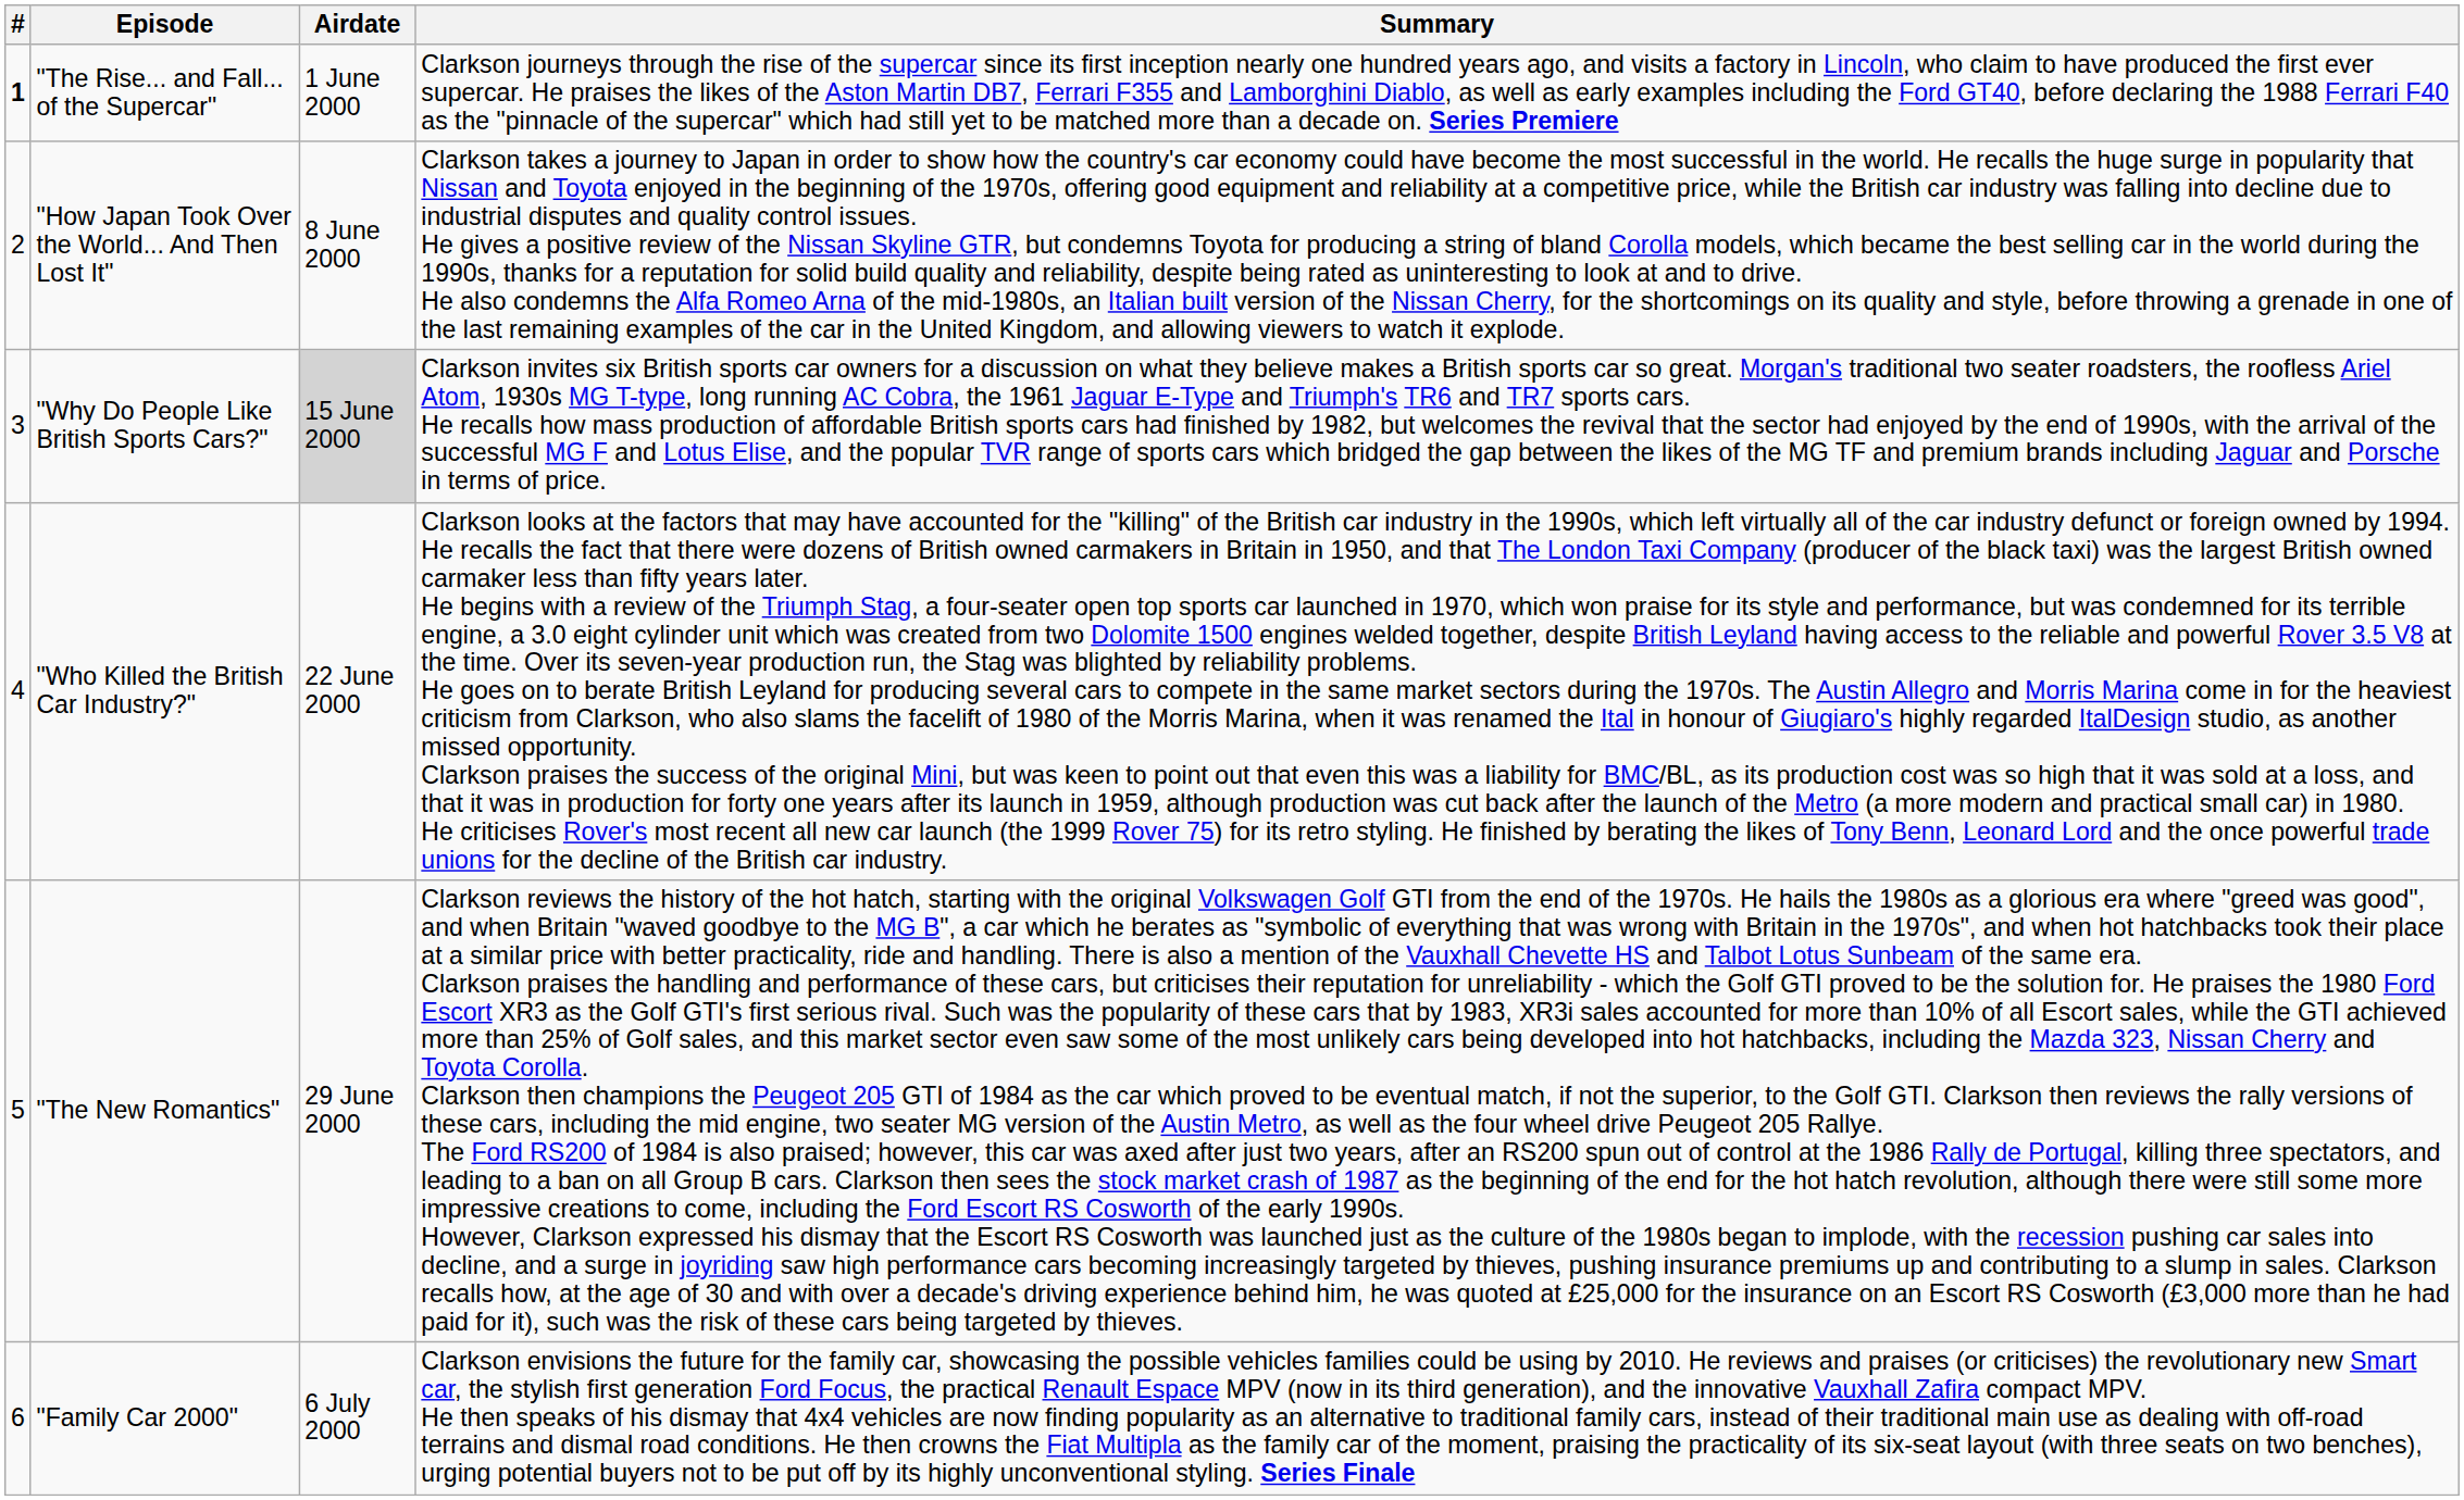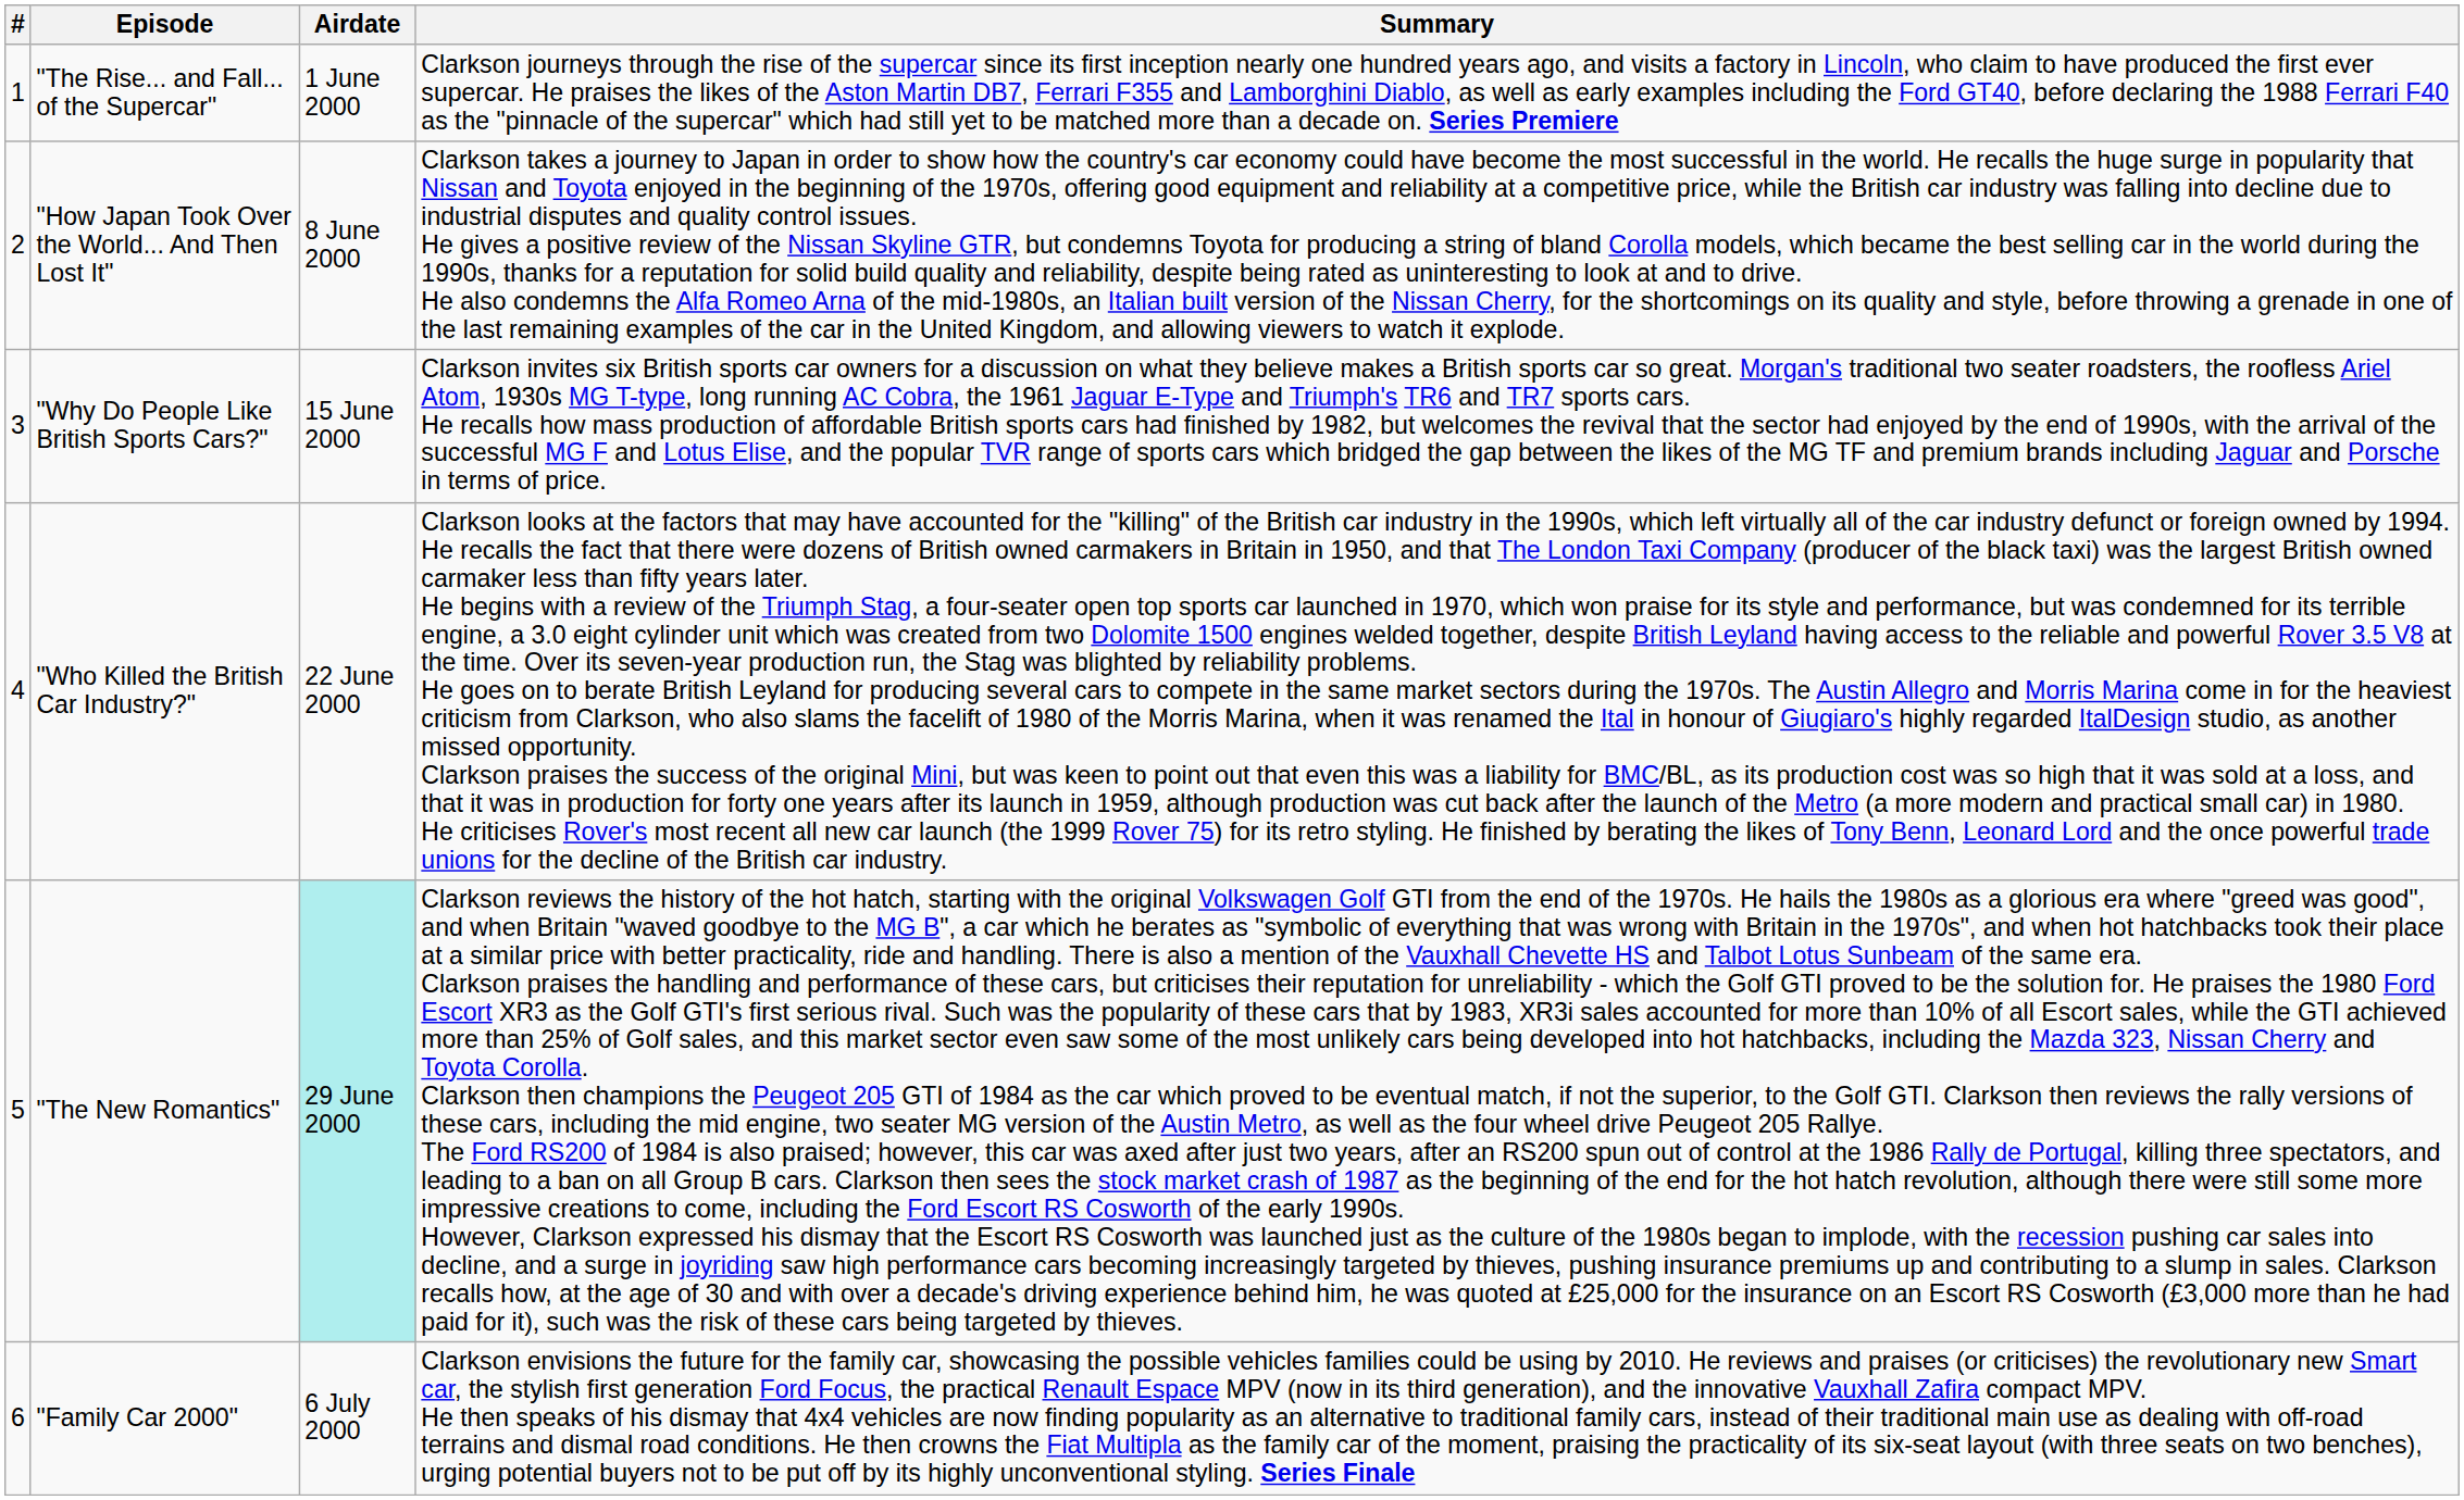 <table class="wikitable">
 <tr>
 <th>#</th>
 <th>Episode</th>
 <th>Airdate</th>
 <th>Summary</th>
 </tr>
 <tr>
-<td><strong>1</strong></td>
+<td>1</td>
 <td>"The Rise... and Fall... of the Supercar"</td>
 <td>1 June 2000</td>
 <td>Clarkson journeys through the rise of the <a href='#'>supercar</a> since its first inception nearly one hundred years ago, and visits a factory in <a href='#'>Lincoln</a>, who claim to have produced the first ever supercar. He praises the likes of the <a href='#'>Aston Martin DB7</a>, <a href='#'>Ferrari F355</a> and <a href='#'>Lamborghini Diablo</a>, as well as early examples including the <a href='#'>Ford GT40</a>, before declaring the 1988 <a href='#'>Ferrari F40</a> as the "pinnacle of the supercar" which had still yet to be matched more than a decade on. <strong><a href='#'>Series Premiere</a></strong></td>
 </tr>
 <tr>
 <td>2</td>
 <td>"How Japan Took Over the World... And Then Lost It"</td>
 <td>8 June 2000</td>
 <td>Clarkson takes a journey to Japan in order to show how the country's car economy could have become the most successful in the world. He recalls the huge surge in popularity that <a href='#'>Nissan</a> and <a href='#'>Toyota</a> enjoyed in the beginning of the 1970s, offering good equipment and reliability at a competitive price, while the British car industry was falling into decline due to industrial disputes and quality control issues.<br>He gives a positive review of the <a href='#'>Nissan Skyline GTR</a>, but condemns Toyota for producing a string of bland <a href='#'>Corolla</a> models, which became the best selling car in the world during the 1990s, thanks for a reputation for solid build quality and reliability, despite being rated as uninteresting to look at and to drive.<br>He also condemns the <a href='#'>Alfa Romeo Arna</a> of the mid-1980s, an <a href='#'>Italian built</a> version of the <a href='#'>Nissan Cherry</a>, for the shortcomings on its quality and style, before throwing a grenade in one of the last remaining examples of the car in the United Kingdom, and allowing viewers to watch it explode.</td>
 </tr>
 <tr>
 <td>3</td>
 <td>"Why Do People Like British Sports Cars?"</td>
-<td style="background: lightgrey;">15 June 2000</td>
+<td>15 June 2000</td>
 <td>Clarkson invites six British sports car owners for a discussion on what they believe makes a British sports car so great. <a href='#'>Morgan's</a> traditional two seater roadsters, the roofless <a href='#'>Ariel Atom</a>, 1930s <a href='#'>MG T-type</a>, long running <a href='#'>AC Cobra</a>, the 1961 <a href='#'>Jaguar E-Type</a> and <a href='#'>Triumph's</a> <a href='#'>TR6</a> and <a href='#'>TR7</a> sports cars.<br>He recalls how mass production of affordable British sports cars had finished by 1982, but welcomes the revival that the sector had enjoyed by the end of 1990s, with the arrival of the successful <a href='#'>MG F</a> and <a href='#'>Lotus Elise</a>, and the popular <a href='#'>TVR</a> range of sports cars which bridged the gap between the likes of the MG TF and premium brands including <a href='#'>Jaguar</a> and <a href='#'>Porsche</a> in terms of price.</td>
 </tr>
 <tr>
 <td>4</td>
 <td>"Who Killed the British Car Industry?"</td>
 <td>22 June 2000</td>
 <td>Clarkson looks at the factors that may have accounted for the "killing" of the British car industry in the 1990s, which left virtually all of the car industry defunct or foreign owned by 1994. He recalls the fact that there were dozens of British owned carmakers in Britain in 1950, and that <a href='#'>The London Taxi Company</a> (producer of the black taxi) was the largest British owned carmaker less than fifty years later.<br>He begins with a review of the <a href='#'>Triumph Stag</a>, a four-seater open top sports car launched in 1970, which won praise for its style and performance, but was condemned for its terrible engine, a 3.0 eight cylinder unit which was created from two <a href='#'>Dolomite 1500</a> engines welded together, despite <a href='#'>British Leyland</a> having access to the reliable and powerful <a href='#'>Rover 3.5 V8</a> at the time. Over its seven-year production run, the Stag was blighted by reliability problems.<br>He goes on to berate British Leyland for producing several cars to compete in the same market sectors during the 1970s. The <a href='#'>Austin Allegro</a> and <a href='#'>Morris Marina</a> come in for the heaviest criticism from Clarkson, who also slams the facelift of 1980 of the Morris Marina, when it was renamed the <a href='#'>Ital</a> in honour of <a href='#'>Giugiaro's</a> highly regarded <a href='#'>ItalDesign</a> studio, as another missed opportunity.<br>Clarkson praises the success of the original <a href='#'>Mini</a>, but was keen to point out that even this was a liability for <a href='#'>BMC</a>/BL, as its production cost was so high that it was sold at a loss, and that it was in production for forty one years after its launch in 1959, although production was cut back after the launch of the <a href='#'>Metro</a> (a more modern and practical small car) in 1980.<br>He criticises <a href='#'>Rover's</a> most recent all new car launch (the 1999 <a href='#'>Rover 75</a>) for its retro styling. He finished by berating the likes of <a href='#'>Tony Benn</a>, <a href='#'>Leonard Lord</a> and the once powerful <a href='#'>trade unions</a> for the decline of the British car industry.</td>
 </tr>
 <tr>
 <td>5</td>
 <td>"The New Romantics"</td>
-<td>29 June 2000</td>
+<td style="background: paleturquoise;">29 June 2000</td>
 <td>Clarkson reviews the history of the hot hatch, starting with the original <a href='#'>Volkswagen Golf</a> GTI from the end of the 1970s. He hails the 1980s as a glorious era where "greed was good", and when Britain "waved goodbye to the <a href='#'>MG B</a>", a car which he berates as "symbolic of everything that was wrong with Britain in the 1970s", and when hot hatchbacks took their place at a similar price with better practicality, ride and handling. There is also a mention of the <a href='#'>Vauxhall Chevette HS</a> and <a href='#'>Talbot Lotus Sunbeam</a> of the same era.<br>Clarkson praises the handling and performance of these cars, but criticises their reputation for unreliability - which the Golf GTI proved to be the solution for. He praises the 1980 <a href='#'>Ford Escort</a> XR3 as the Golf GTI's first serious rival. Such was the popularity of these cars that by 1983, XR3i sales accounted for more than 10% of all Escort sales, while the GTI achieved more than 25% of Golf sales, and this market sector even saw some of the most unlikely cars being developed into hot hatchbacks, including the <a href='#'>Mazda 323</a>, <a href='#'>Nissan Cherry</a> and <a href='#'>Toyota Corolla</a>.<br>Clarkson then champions the <a href='#'>Peugeot 205</a> GTI of 1984 as the car which proved to be eventual match, if not the superior, to the Golf GTI. Clarkson then reviews the rally versions of these cars, including the mid engine, two seater MG version of the <a href='#'>Austin Metro</a>, as well as the four wheel drive Peugeot 205 Rallye.<br>The <a href='#'>Ford RS200</a> of 1984 is also praised; however, this car was axed after just two years, after an RS200 spun out of control at the 1986 <a href='#'>Rally de Portugal</a>, killing three spectators, and leading to a ban on all Group B cars. Clarkson then sees the <a href='#'>stock market crash of 1987</a> as the beginning of the end for the hot hatch revolution, although there were still some more impressive creations to come, including the <a href='#'>Ford Escort RS Cosworth</a> of the early 1990s.<br>However, Clarkson expressed his dismay that the Escort RS Cosworth was launched just as the culture of the 1980s began to implode, with the <a href='#'>recession</a> pushing car sales into decline, and a surge in <a href='#'>joyriding</a> saw high performance cars becoming increasingly targeted by thieves, pushing insurance premiums up and contributing to a slump in sales. Clarkson recalls how, at the age of 30 and with over a decade's driving experience behind him, he was quoted at £25,000 for the insurance on an Escort RS Cosworth (£3,000 more than he had paid for it), such was the risk of these cars being targeted by thieves.</td>
 </tr>
 <tr>
 <td>6</td>
 <td>"Family Car 2000"</td>
 <td>6 July 2000</td>
 <td>Clarkson envisions the future for the family car, showcasing the possible vehicles families could be using by 2010. He reviews and praises (or criticises) the revolutionary new <a href='#'>Smart car</a>, the stylish first generation <a href='#'>Ford Focus</a>, the practical <a href='#'>Renault Espace</a> MPV (now in its third generation), and the innovative <a href='#'>Vauxhall Zafira</a> compact MPV.<br>He then speaks of his dismay that 4x4 vehicles are now finding popularity as an alternative to traditional family cars, instead of their traditional main use as dealing with off-road terrains and dismal road conditions. He then crowns the <a href='#'>Fiat Multipla</a> as the family car of the moment, praising the practicality of its six-seat layout (with three seats on two benches), urging potential buyers not to be put off by its highly unconventional styling. <strong><a href='#'>Series Finale</a></strong></td>
 </tr>
 <tr>
 </tr>
 </table>
